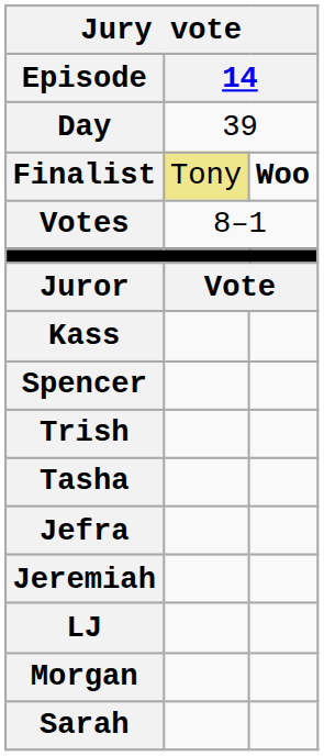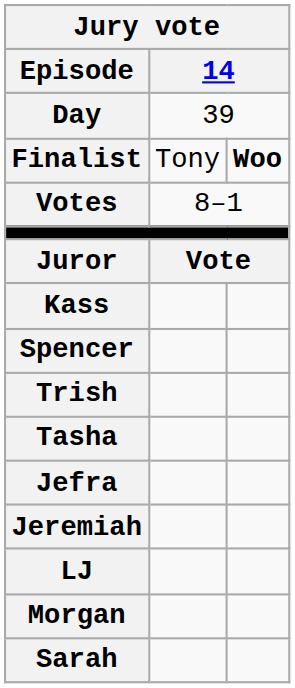 <table class="wikitable" style="text-align:center">
 <tr>
 <th colspan=4>Jury vote</th>
 </tr>
 <tr>
 <th>Episode</th>
 <th colspan=3><a href='#'>14</a></th>
 </tr>
 <tr>
 <th>Day</th>
 <td colspan=3>39</td>
 </tr>
 <tr>
 <th>Finalist</th>
-<td style="background: khaki;">Tony</td>
+<td>Tony</td>
 <td><strong>Woo</strong></td>
 </tr>
 <tr>
 <th>Votes</th>
 <td colspan=2>8–1</td>
 </tr>
 <tr>
 <td colspan="3" bgcolor="black"></td>
 </tr>
 <tr>
 <th>Juror</th>
 <th colspan=3>Vote</th>
 </tr>
 <tr>
 <th>Kass</th>
 <td></td>
 <td></td>
 </tr>
 <tr>
 <th>Spencer</th>
 <td></td>
 <td></td>
 </tr>
 <tr>
 <th>Trish</th>
 <td></td>
 <td></td>
 </tr>
 <tr>
 <th>Tasha</th>
 <td></td>
 <td></td>
 </tr>
 <tr>
 <th>Jefra</th>
 <td></td>
 <td></td>
 </tr>
 <tr>
 <th>Jeremiah</th>
 <td></td>
 <td></td>
 </tr>
 <tr>
 <th>LJ</th>
 <td></td>
 <td></td>
 </tr>
 <tr>
 <th>Morgan</th>
 <td></td>
 <td></td>
 </tr>
 <tr>
 <th>Sarah</th>
 <td></td>
 <td></td>
 </tr>
 </table>
